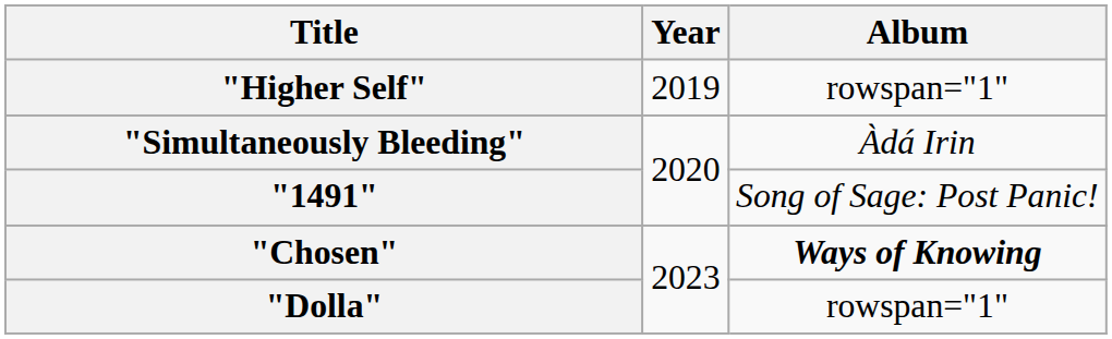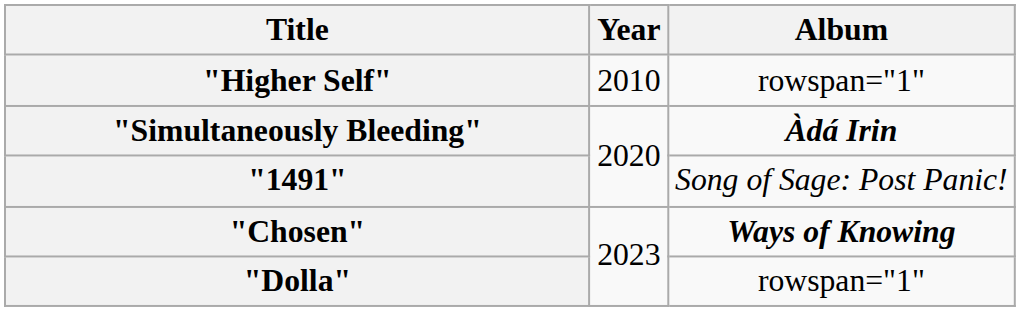 <table class="wikitable plainrowheaders" style="text-align:center;">
 <tr>
 <th scope="col" rowspan="1" style="width:18em;">Title</th>
 <th scope="col" rowspan="1">Year</th>
 <th scope="col" rowspan="1">Album</th>
 </tr>
 <tr>
 <th scope="row">"Higher Self"</th>
-<td>2019</td>
+<td>2010</td>
 <td>rowspan="1" </td>
 </tr>
 <tr>
 <th scope="row">"Simultaneously Bleeding"</th>
 <td rowspan="2">2020</td>
-<td><em>Àdá Irin</em></td>
+<td><strong><em>Àdá Irin</em></strong></td>
 </tr>
 <tr>
 <th scope="row">"1491"</th>
 <td rowspan="1"><em>Song of Sage: Post Panic!</em></td>
 </tr>
 <tr>
 <th scope="row">"Chosen"</th>
 <td rowspan="2">2023</td>
 <td><strong><em>Ways of Knowing</em></strong></td>
 </tr>
 <tr>
 <th scope="row">"Dolla"</th>
 <td>rowspan="1" </td>
 </tr>
 </table>
